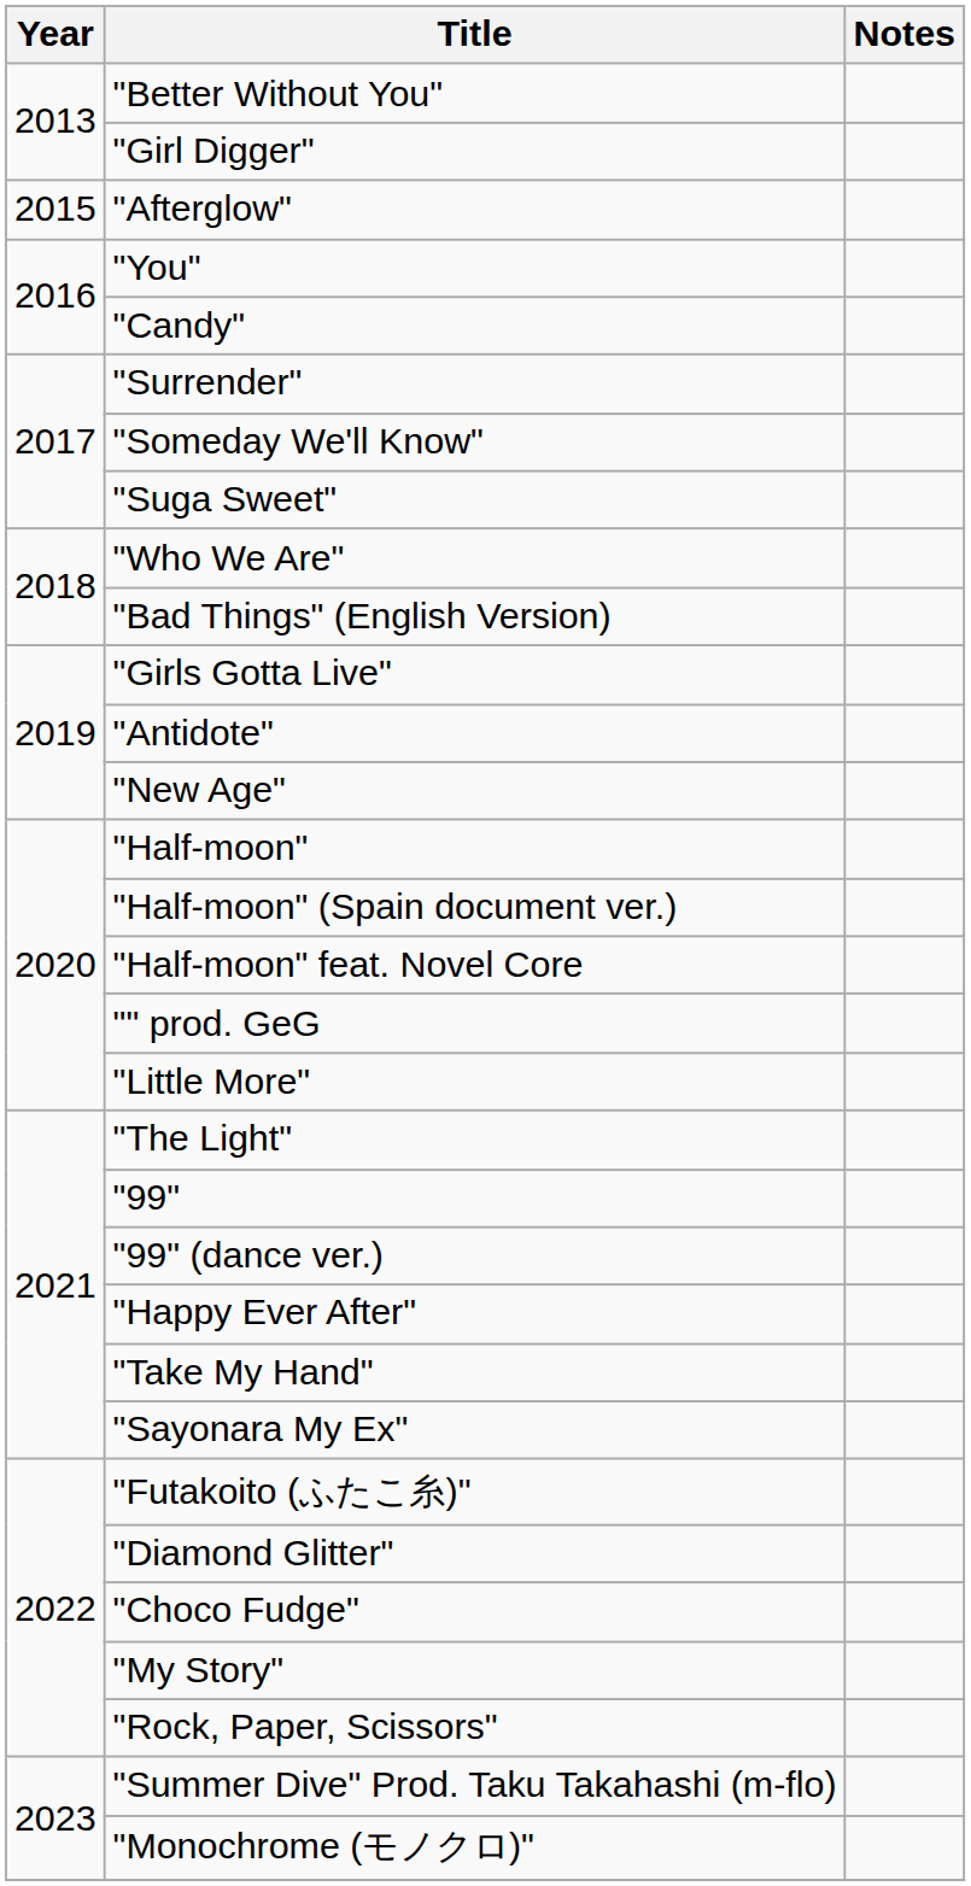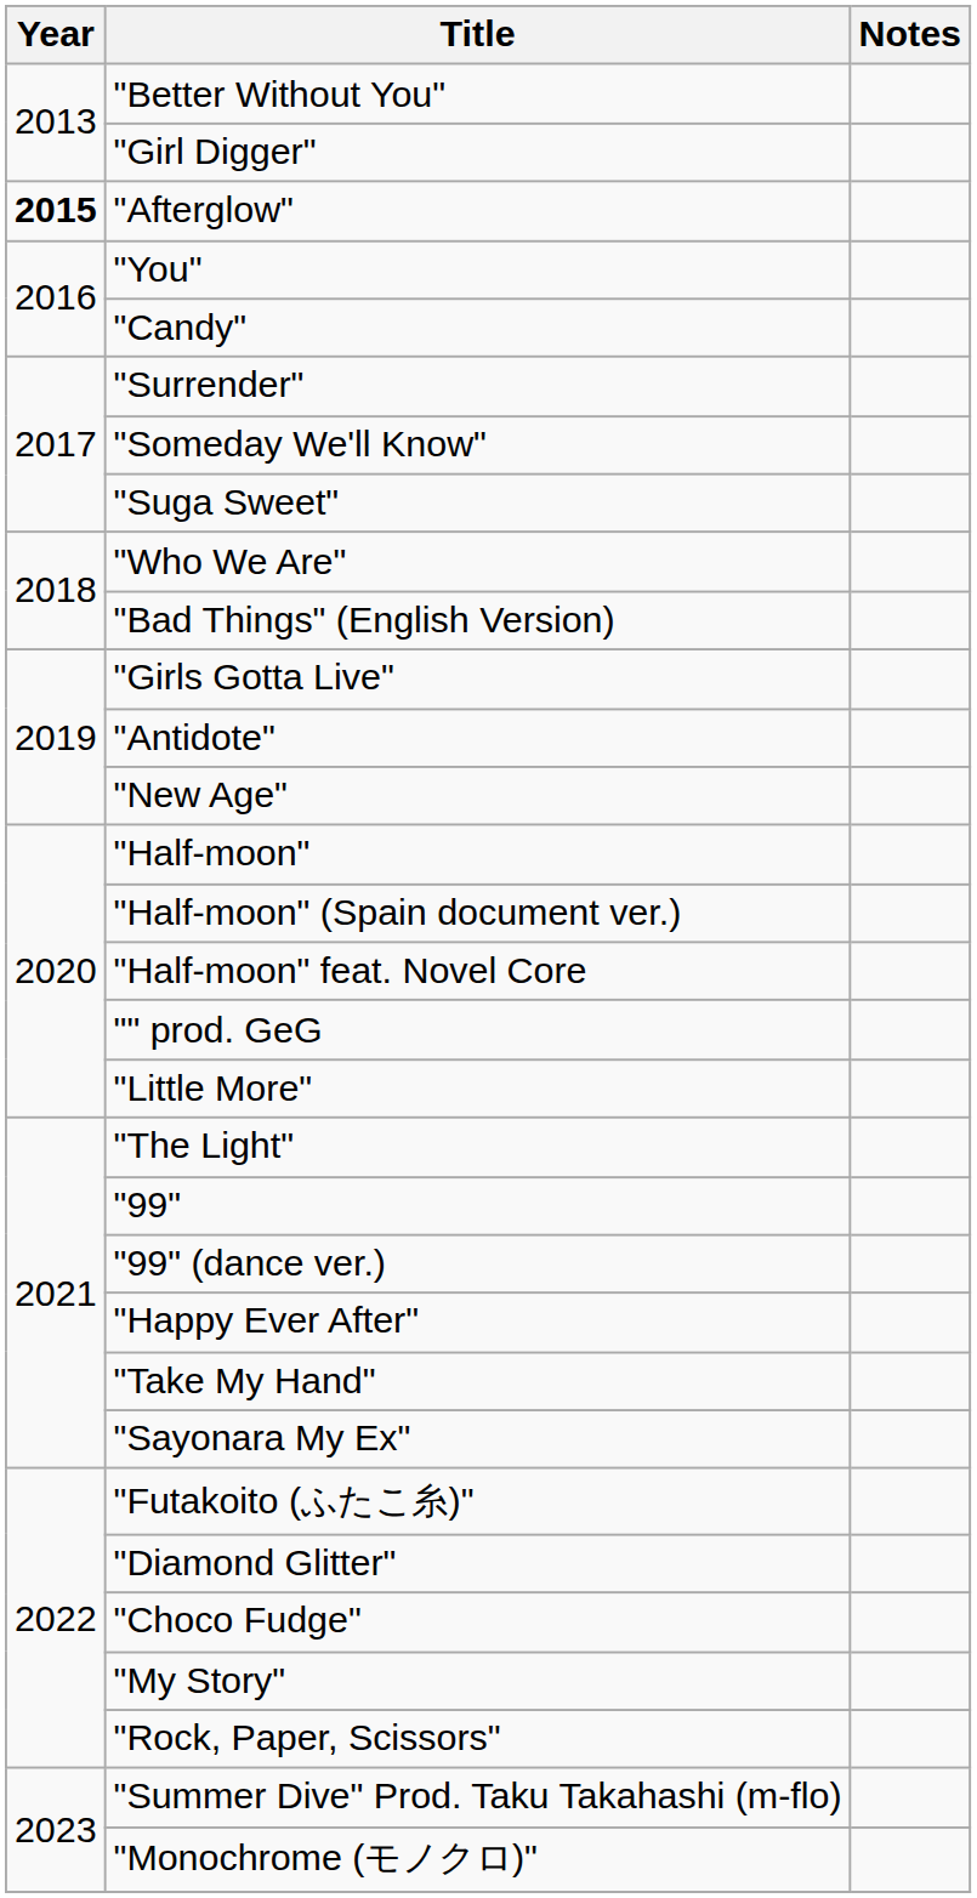 <table class="wikitable sortable">
 <tr>
 <th>Year</th>
 <th>Title</th>
 <th>Notes</th>
 </tr>
 <tr>
 <td rowspan="2">2013</td>
 <td>"Better Without You"</td>
 <td></td>
 </tr>
 <tr>
 <td>"Girl Digger"</td>
 <td></td>
 </tr>
 <tr>
-<td>2015</td>
+<td><strong>2015</strong></td>
 <td>"Afterglow"</td>
 <td></td>
 </tr>
 <tr>
 <td rowspan="2">2016</td>
 <td>"You"</td>
 <td></td>
 </tr>
 <tr>
 <td>"Candy"</td>
 <td></td>
 </tr>
 <tr>
 <td rowspan="3">2017</td>
 <td>"Surrender"</td>
 <td></td>
 </tr>
 <tr>
 <td>"Someday We'll Know"</td>
 <td></td>
 </tr>
 <tr>
 <td>"Suga Sweet"</td>
 <td></td>
 </tr>
 <tr>
 <td rowspan="2">2018</td>
 <td>"Who We Are"</td>
 <td></td>
 </tr>
 <tr>
 <td>"Bad Things" (English Version)</td>
 <td></td>
 </tr>
 <tr>
 <td rowspan="3">2019</td>
 <td>"Girls Gotta Live"</td>
 <td></td>
 </tr>
 <tr>
 <td>"Antidote"</td>
 <td></td>
 </tr>
 <tr>
 <td>"New Age"</td>
 <td></td>
 </tr>
 <tr>
 <td rowspan="5">2020</td>
 <td>"Half-moon"</td>
 <td></td>
 </tr>
 <tr>
 <td>"Half-moon" (Spain document ver.)</td>
 <td></td>
 </tr>
 <tr>
 <td>"Half-moon" feat. Novel Core</td>
 <td></td>
 </tr>
 <tr>
 <td>"" prod. GeG</td>
 <td></td>
 </tr>
 <tr>
 <td>"Little More"</td>
 <td></td>
 </tr>
 <tr>
 <td rowspan="6">2021</td>
 <td>"The Light"</td>
 <td></td>
 </tr>
 <tr>
 <td>"99"</td>
 <td></td>
 </tr>
 <tr>
 <td>"99" (dance ver.)</td>
 <td></td>
 </tr>
 <tr>
 <td>"Happy Ever After"</td>
 <td></td>
 </tr>
 <tr>
 <td>"Take My Hand"</td>
 <td></td>
 </tr>
 <tr>
 <td>"Sayonara My Ex"</td>
 <td></td>
 </tr>
 <tr>
 <td rowspan="5">2022</td>
 <td>"Futakoito (ふたこ糸)"</td>
 <td></td>
 </tr>
 <tr>
 <td>"Diamond Glitter"</td>
 <td></td>
 </tr>
 <tr>
 <td>"Choco Fudge"</td>
 <td></td>
 </tr>
 <tr>
 <td>"My Story"</td>
 <td></td>
 </tr>
 <tr>
 <td>"Rock, Paper, Scissors"</td>
 <td></td>
 </tr>
 <tr>
 <td rowspan="2">2023</td>
 <td>"Summer Dive" Prod. Taku Takahashi (m-flo)</td>
 <td></td>
 </tr>
 <tr>
 <td>"Monochrome (モノクロ)"</td>
 <td></td>
 </tr>
 <tr>
 </tr>
 </table>
